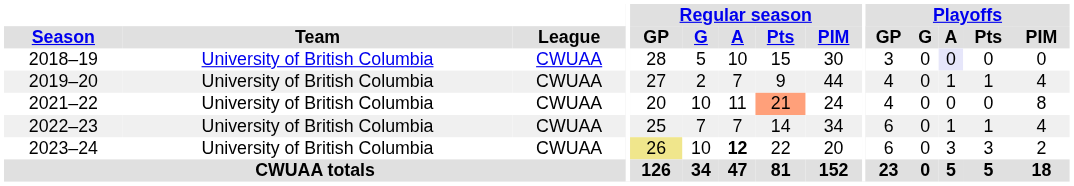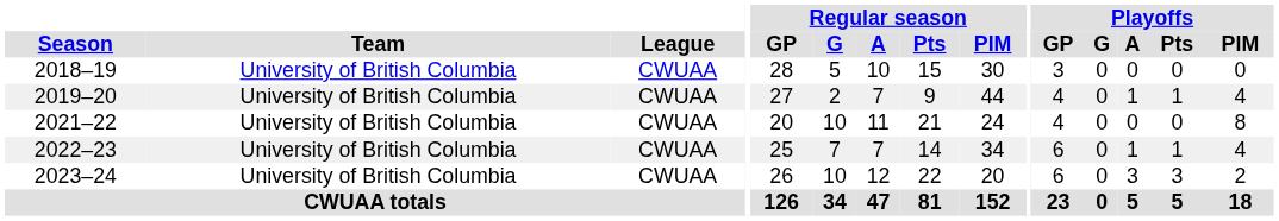 <table border="0" cellpadding="1" cellspacing="0" style="text-align:center; width:60em">
 <tr bgcolor="#e0e0e0">
 <th colspan="3" bgcolor="#ffffff"></th>
 <th rowspan="97" bgcolor="#ffffff"></th>
 <th colspan="5"><a href='#'>Regular season</a></th>
 <th rowspan="97" bgcolor="#ffffff"></th>
 <th colspan="5"><a href='#'>Playoffs</a></th>
 </tr>
 <tr bgcolor="#e0e0e0">
 <th><a href='#'>Season</a></th>
 <th>Team</th>
 <th>League</th>
 <th>GP</th>
 <th><a href='#'>G</a></th>
 <th><a href='#'>A</a></th>
 <th><a href='#'>Pts</a></th>
 <th><a href='#'>PIM</a></th>
 <th>GP</th>
 <th>G</th>
 <th>A</th>
 <th>Pts</th>
 <th>PIM</th>
 </tr>
 <tr>
 <td>2018–19</td>
 <td><a href='#'>University of British Columbia</a></td>
 <td><a href='#'>CWUAA</a></td>
 <td>28</td>
 <td>5</td>
 <td>10</td>
 <td>15</td>
 <td>30</td>
 <td>3</td>
 <td>0</td>
-<td style="background: lavender;">0</td>
+<td>0</td>
 <td>0</td>
 <td>0</td>
 </tr>
 <tr bgcolor="#f0f0f0">
 <td>2019–20</td>
 <td>University of British Columbia</td>
 <td>CWUAA</td>
 <td>27</td>
 <td>2</td>
 <td>7</td>
 <td>9</td>
 <td>44</td>
 <td>4</td>
 <td>0</td>
 <td>1</td>
 <td>1</td>
 <td>4</td>
 </tr>
 <tr>
 <td>2021–22</td>
 <td>University of British Columbia</td>
 <td>CWUAA</td>
 <td>20</td>
 <td>10</td>
 <td>11</td>
-<td style="background: lightsalmon;">21</td>
+<td>21</td>
 <td>24</td>
 <td>4</td>
 <td>0</td>
 <td>0</td>
 <td>0</td>
 <td>8</td>
 </tr>
 <tr bgcolor="#f0f0f0">
 <td>2022–23</td>
 <td>University of British Columbia</td>
 <td>CWUAA</td>
 <td>25</td>
 <td>7</td>
 <td>7</td>
 <td>14</td>
 <td>34</td>
 <td>6</td>
 <td>0</td>
 <td>1</td>
 <td>1</td>
 <td>4</td>
 </tr>
 <tr>
 <td>2023–24</td>
 <td>University of British Columbia</td>
 <td>CWUAA</td>
-<td style="background: khaki;">26</td>
+<td>26</td>
 <td>10</td>
-<td><strong>12</strong></td>
+<td>12</td>
 <td>22</td>
 <td>20</td>
 <td>6</td>
 <td>0</td>
 <td>3</td>
 <td>3</td>
 <td>2</td>
 </tr>
 <tr bgcolor="#e0e0e0">
 <th colspan="3">CWUAA totals</th>
 <th>126</th>
 <th>34</th>
 <th>47</th>
 <th>81</th>
 <th>152</th>
 <th>23</th>
 <th>0</th>
 <th>5</th>
 <th>5</th>
 <th>18</th>
 </tr>
 </table>
